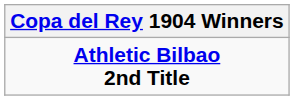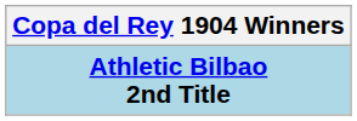 <table class="wikitable" style="text-align: center; margin: 0 auto;">
 <tr>
 <th><a href='#'>Copa del Rey</a> 1904 Winners</th>
 </tr>
 <tr>
-<td><strong><a href='#'>Athletic Bilbao</a></strong><br><strong>2nd Title</strong></td>
+<td style="background: lightblue;"><strong><a href='#'>Athletic Bilbao</a></strong><br><strong>2nd Title</strong></td>
 </tr>
 </table>
